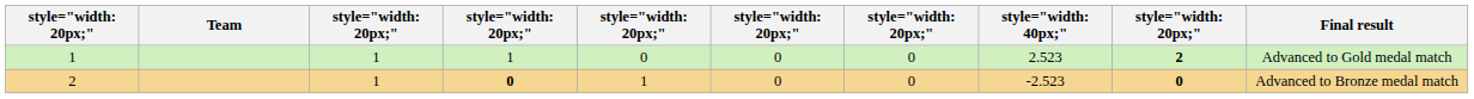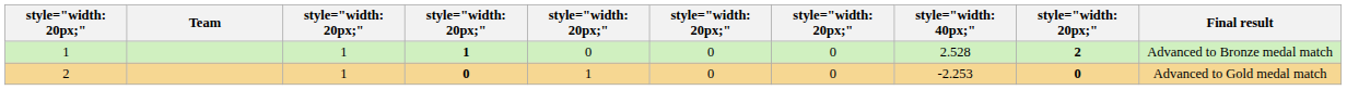 <table class="wikitable" border="1" style="text-align: center;">
 <tr>
 <th>style="width: 20px;"</th>
 <th style="width: 175px;">Team</th>
 <th>style="width: 20px;"</th>
 <th>style="width: 20px;"</th>
 <th>style="width: 20px;"</th>
 <th>style="width: 20px;"</th>
 <th>style="width: 20px;"</th>
 <th>style="width: 40px;"</th>
 <th>style="width: 20px;"</th>
 <th style="width: 230px;">Final result</th>
 </tr>
 <tr style="background:#D0F0C0;">
 <td>1</td>
 <td style="text-align:left"></td>
 <td>1</td>
-<td>1</td>
+<td><strong>1</strong></td>
 <td>0</td>
 <td>0</td>
 <td>0</td>
-<td>2.523</td>
+<td>2.528</td>
 <td><strong>2</strong></td>
-<td>Advanced to Gold medal match</td>
+<td>Advanced to Bronze medal match</td>
 </tr>
 <tr style="background:#F6D792;">
 <td>2</td>
 <td style="text-align:left"></td>
 <td>1</td>
 <td><strong>0</strong></td>
 <td>1</td>
 <td>0</td>
 <td>0</td>
-<td>-2.523</td>
+<td>-2.253</td>
 <td><strong>0</strong></td>
-<td>Advanced to Bronze medal match</td>
+<td>Advanced to Gold medal match</td>
 </tr>
 </table>
